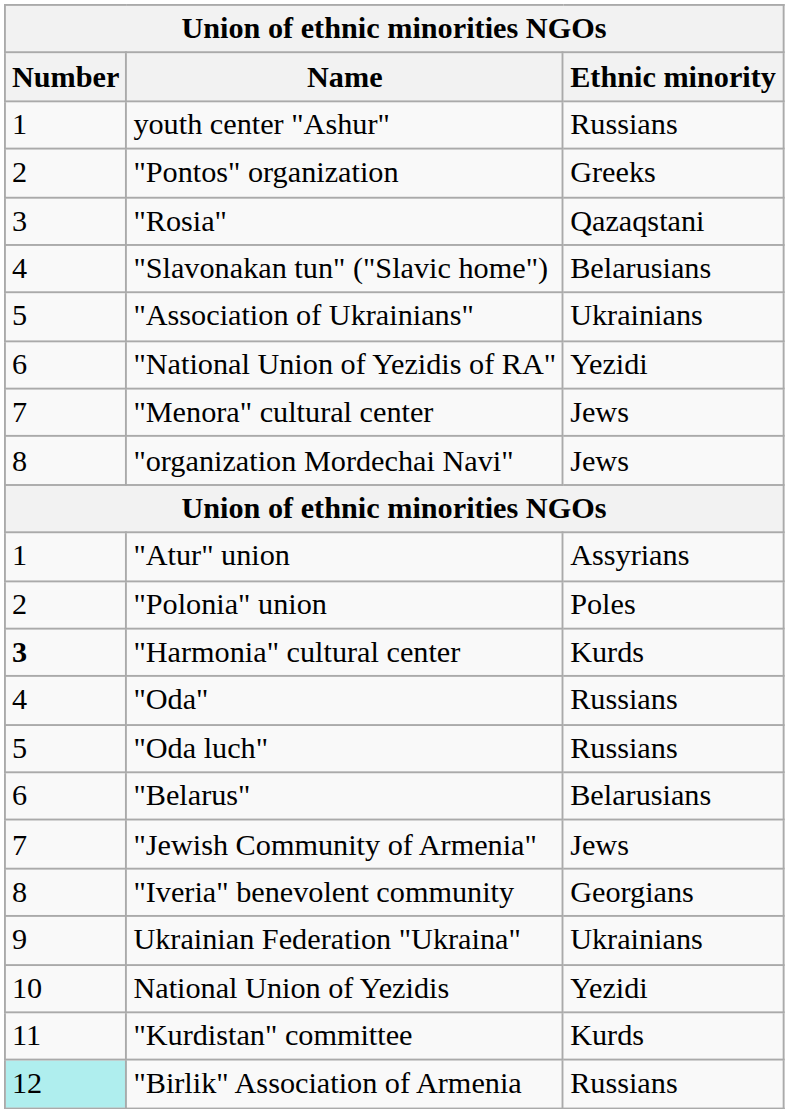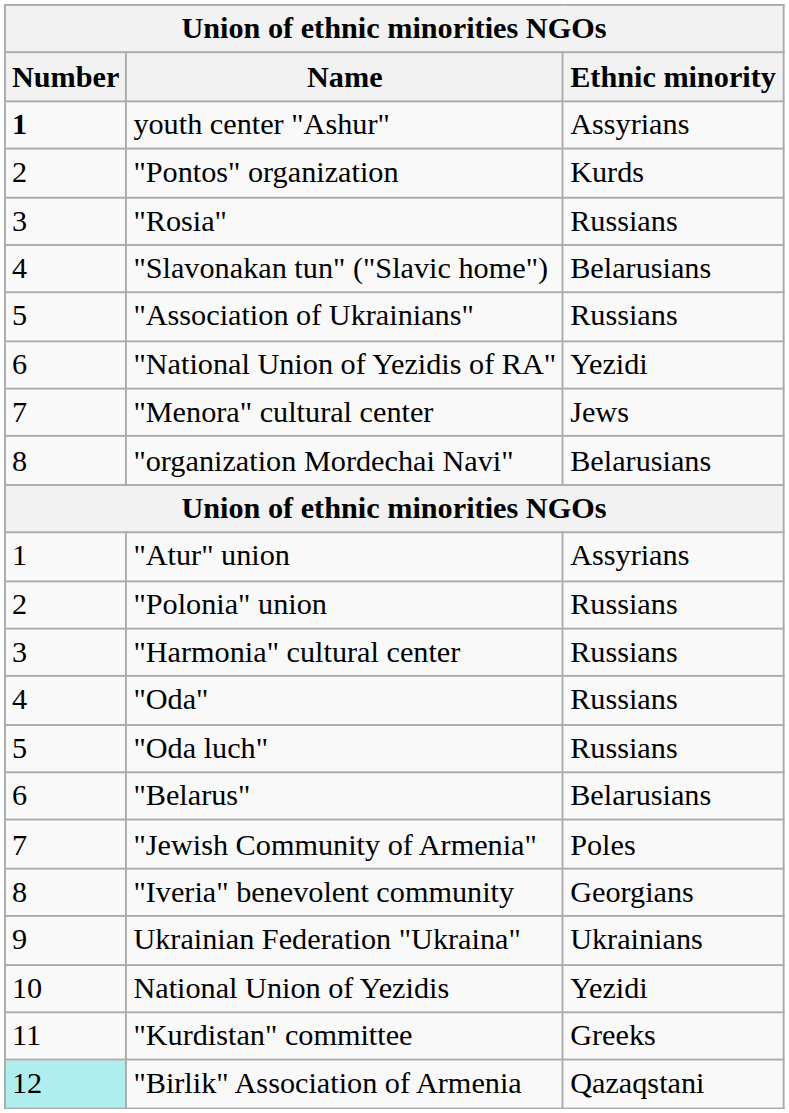 <table class="wikitable">
 <tr>
 <th colspan="3" style=="background:#efefef;">Union of ethnic minorities NGOs</th>
 </tr>
 <tr>
 <th>Number</th>
 <th>Name</th>
 <th>Ethnic minority</th>
 </tr>
 <tr>
-<td>1</td>
+<td><strong>1</strong></td>
 <td>youth center "Ashur"</td>
-<td>Russians</td>
+<td>Assyrians</td>
 </tr>
 <tr>
 <td>2</td>
 <td>"Pontos" organization</td>
-<td>Greeks</td>
+<td>Kurds</td>
 </tr>
 <tr>
 <td>3</td>
 <td>"Rosia"</td>
-<td>Qazaqstani</td>
+<td>Russians</td>
 </tr>
 <tr>
 <td>4</td>
 <td>"Slavonakan tun" ("Slavic home")</td>
 <td>Belarusians</td>
 </tr>
 <tr>
 <td>5</td>
 <td>"Association of Ukrainians"</td>
-<td>Ukrainians</td>
+<td>Russians</td>
 </tr>
 <tr>
 <td>6</td>
 <td>"National Union of Yezidis of RA"</td>
 <td>Yezidi</td>
 </tr>
 <tr>
 <td>7</td>
 <td>"Menora" cultural center</td>
 <td>Jews</td>
 </tr>
 <tr>
 <td>8</td>
 <td>"organization Mordechai Navi"</td>
-<td>Jews</td>
+<td>Belarusians</td>
 </tr>
 <tr>
 <th colspan="3" style=="background:#efefef;">Union of ethnic minorities NGOs</th>
 </tr>
 <tr>
 <td>1</td>
 <td>"Atur" union</td>
 <td>Assyrians</td>
 </tr>
 <tr>
 <td>2</td>
 <td>"Polonia" union</td>
-<td>Poles</td>
+<td>Russians</td>
 </tr>
 <tr>
-<td><strong>3</strong></td>
+<td>3</td>
 <td>"Harmonia" cultural center</td>
-<td>Kurds</td>
+<td>Russians</td>
 </tr>
 <tr>
 <td>4</td>
 <td>"Oda"</td>
 <td>Russians</td>
 </tr>
 <tr>
 <td>5</td>
 <td>"Oda luch"</td>
 <td>Russians</td>
 </tr>
 <tr>
 <td>6</td>
 <td>"Belarus"</td>
 <td>Belarusians</td>
 </tr>
 <tr>
 <td>7</td>
 <td>"Jewish Community of Armenia"</td>
-<td>Jews</td>
+<td>Poles</td>
 </tr>
 <tr>
 <td>8</td>
 <td>"Iveria" benevolent community</td>
 <td>Georgians</td>
 </tr>
 <tr>
 <td>9</td>
 <td>Ukrainian Federation "Ukraina"</td>
 <td>Ukrainians</td>
 </tr>
 <tr>
 <td>10</td>
 <td>National Union of Yezidis</td>
 <td>Yezidi</td>
 </tr>
 <tr>
 <td>11</td>
 <td>"Kurdistan" committee</td>
-<td>Kurds</td>
+<td>Greeks</td>
 </tr>
 <tr>
 <td style="background: paleturquoise;">12</td>
 <td>"Birlik" Association of Armenia</td>
-<td>Russians</td>
+<td>Qazaqstani</td>
 </tr>
 <tr>
 </tr>
 </table>
